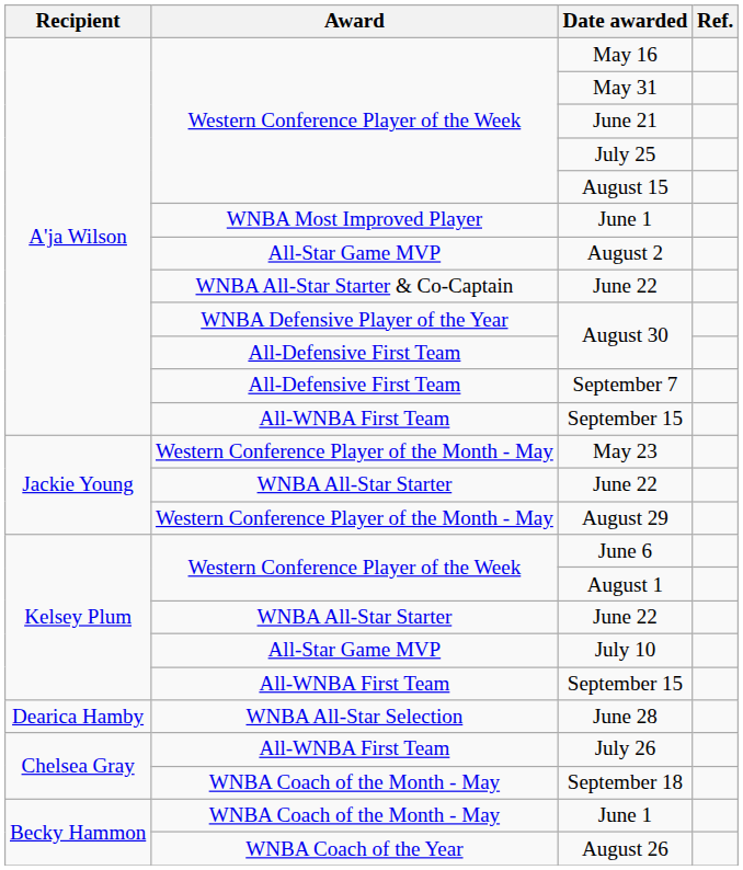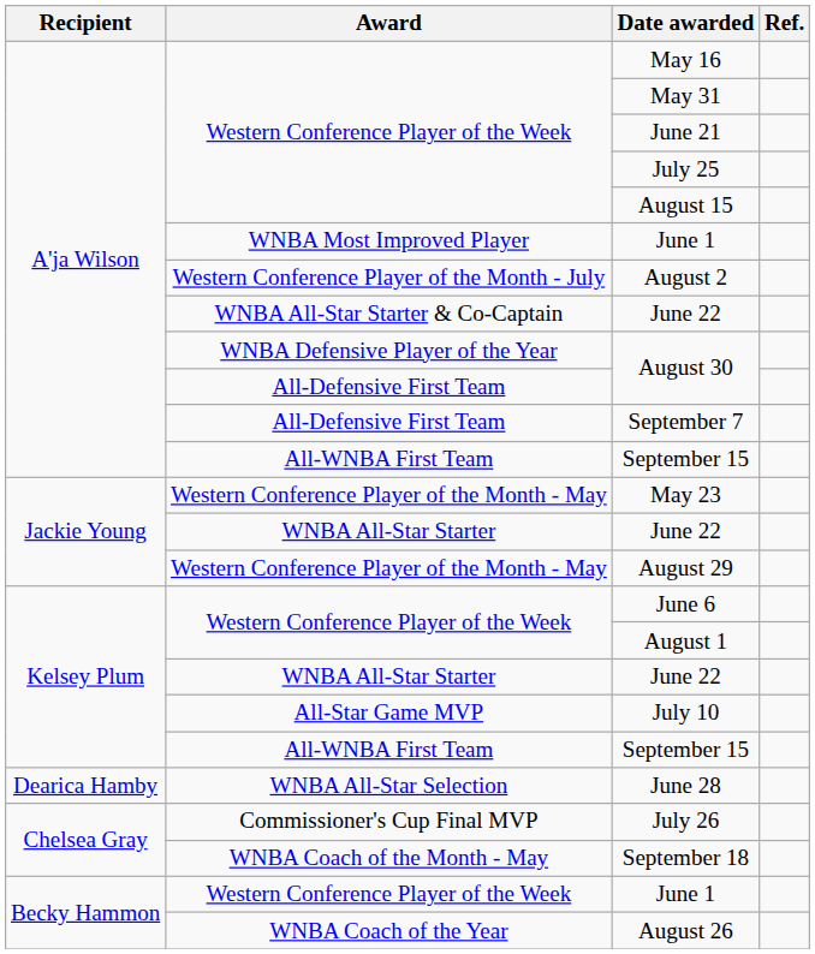 <table class="wikitable sortable sortable" style="text-align: center">
 <tr>
 <th>Recipient</th>
 <th>Award</th>
 <th>Date awarded</th>
 <th>Ref.</th>
 </tr>
 <tr>
 <td rowspan=12><a href='#'>A'ja Wilson</a></td>
 <td rowspan=5><a href='#'>Western Conference Player of the Week</a></td>
 <td>May 16</td>
 <td></td>
 </tr>
 <tr>
 <td>May 31</td>
 <td></td>
 </tr>
 <tr>
 <td>June 21</td>
 <td></td>
 </tr>
 <tr>
 <td>July 25</td>
 <td></td>
 </tr>
 <tr>
 <td>August 15</td>
 <td></td>
 </tr>
 <tr>
 <td><a href='#'>WNBA Most Improved Player</a></td>
 <td>June 1</td>
 <td></td>
 </tr>
 <tr>
-<td><a href='#'>All-Star Game MVP</a></td>
+<td><a href='#'>Western Conference Player of the Month - July</a></td>
 <td>August 2</td>
 <td></td>
 </tr>
 <tr>
 <td><a href='#'>WNBA All-Star Starter</a> & Co-Captain</td>
 <td>June 22</td>
 <td><br></td>
 </tr>
 <tr>
 <td><a href='#'>WNBA Defensive Player of the Year</a></td>
 <td rowspan=2>August 30</td>
 <td></td>
 </tr>
 <tr>
 <td><a href='#'>All-Defensive First Team</a></td>
 <td></td>
 </tr>
 <tr>
 <td><a href='#'>All-Defensive First Team</a></td>
 <td>September 7</td>
 <td></td>
 </tr>
 <tr>
 <td><a href='#'>All-WNBA First Team</a></td>
 <td>September 15</td>
 <td></td>
 </tr>
 <tr>
 <td rowspan=3><a href='#'>Jackie Young</a></td>
 <td><a href='#'>Western Conference Player of the Month - May</a></td>
 <td>May 23</td>
 <td></td>
 </tr>
 <tr>
 <td><a href='#'>WNBA All-Star Starter</a></td>
 <td>June 22</td>
 <td><br></td>
 </tr>
 <tr>
 <td><a href='#'>Western Conference Player of the Month - May</a></td>
 <td>August 29</td>
 <td></td>
 </tr>
 <tr>
 <td rowspan=5><a href='#'>Kelsey Plum</a></td>
 <td rowspan=2><a href='#'>Western Conference Player of the Week</a></td>
 <td>June 6</td>
 <td></td>
 </tr>
 <tr>
 <td>August 1</td>
 <td></td>
 </tr>
 <tr>
 <td><a href='#'>WNBA All-Star Starter</a></td>
 <td>June 22</td>
 <td><br></td>
 </tr>
 <tr>
 <td><a href='#'>All-Star Game MVP</a></td>
 <td>July 10</td>
 <td></td>
 </tr>
 <tr>
 <td><a href='#'>All-WNBA First Team</a></td>
 <td>September 15</td>
 <td></td>
 </tr>
 <tr>
 <td><a href='#'>Dearica Hamby</a></td>
 <td><a href='#'>WNBA All-Star Selection</a></td>
 <td>June 28</td>
 <td></td>
 </tr>
 <tr>
 <td rowspan=2><a href='#'>Chelsea Gray</a></td>
-<td><a href='#'>All-WNBA First Team</a></td>
+<td>Commissioner's Cup Final MVP</td>
 <td>July 26</td>
 <td></td>
 </tr>
 <tr>
 <td><a href='#'>WNBA Coach of the Month - May</a></td>
 <td>September 18</td>
 <td></td>
 </tr>
 <tr>
 <td rowspan=2><a href='#'>Becky Hammon</a></td>
-<td><a href='#'>WNBA Coach of the Month - May</a></td>
+<td><a href='#'>Western Conference Player of the Week</a></td>
 <td>June 1</td>
 <td></td>
 </tr>
 <tr>
 <td><a href='#'>WNBA Coach of the Year</a></td>
 <td>August 26</td>
 <td></td>
 </tr>
 </table>
